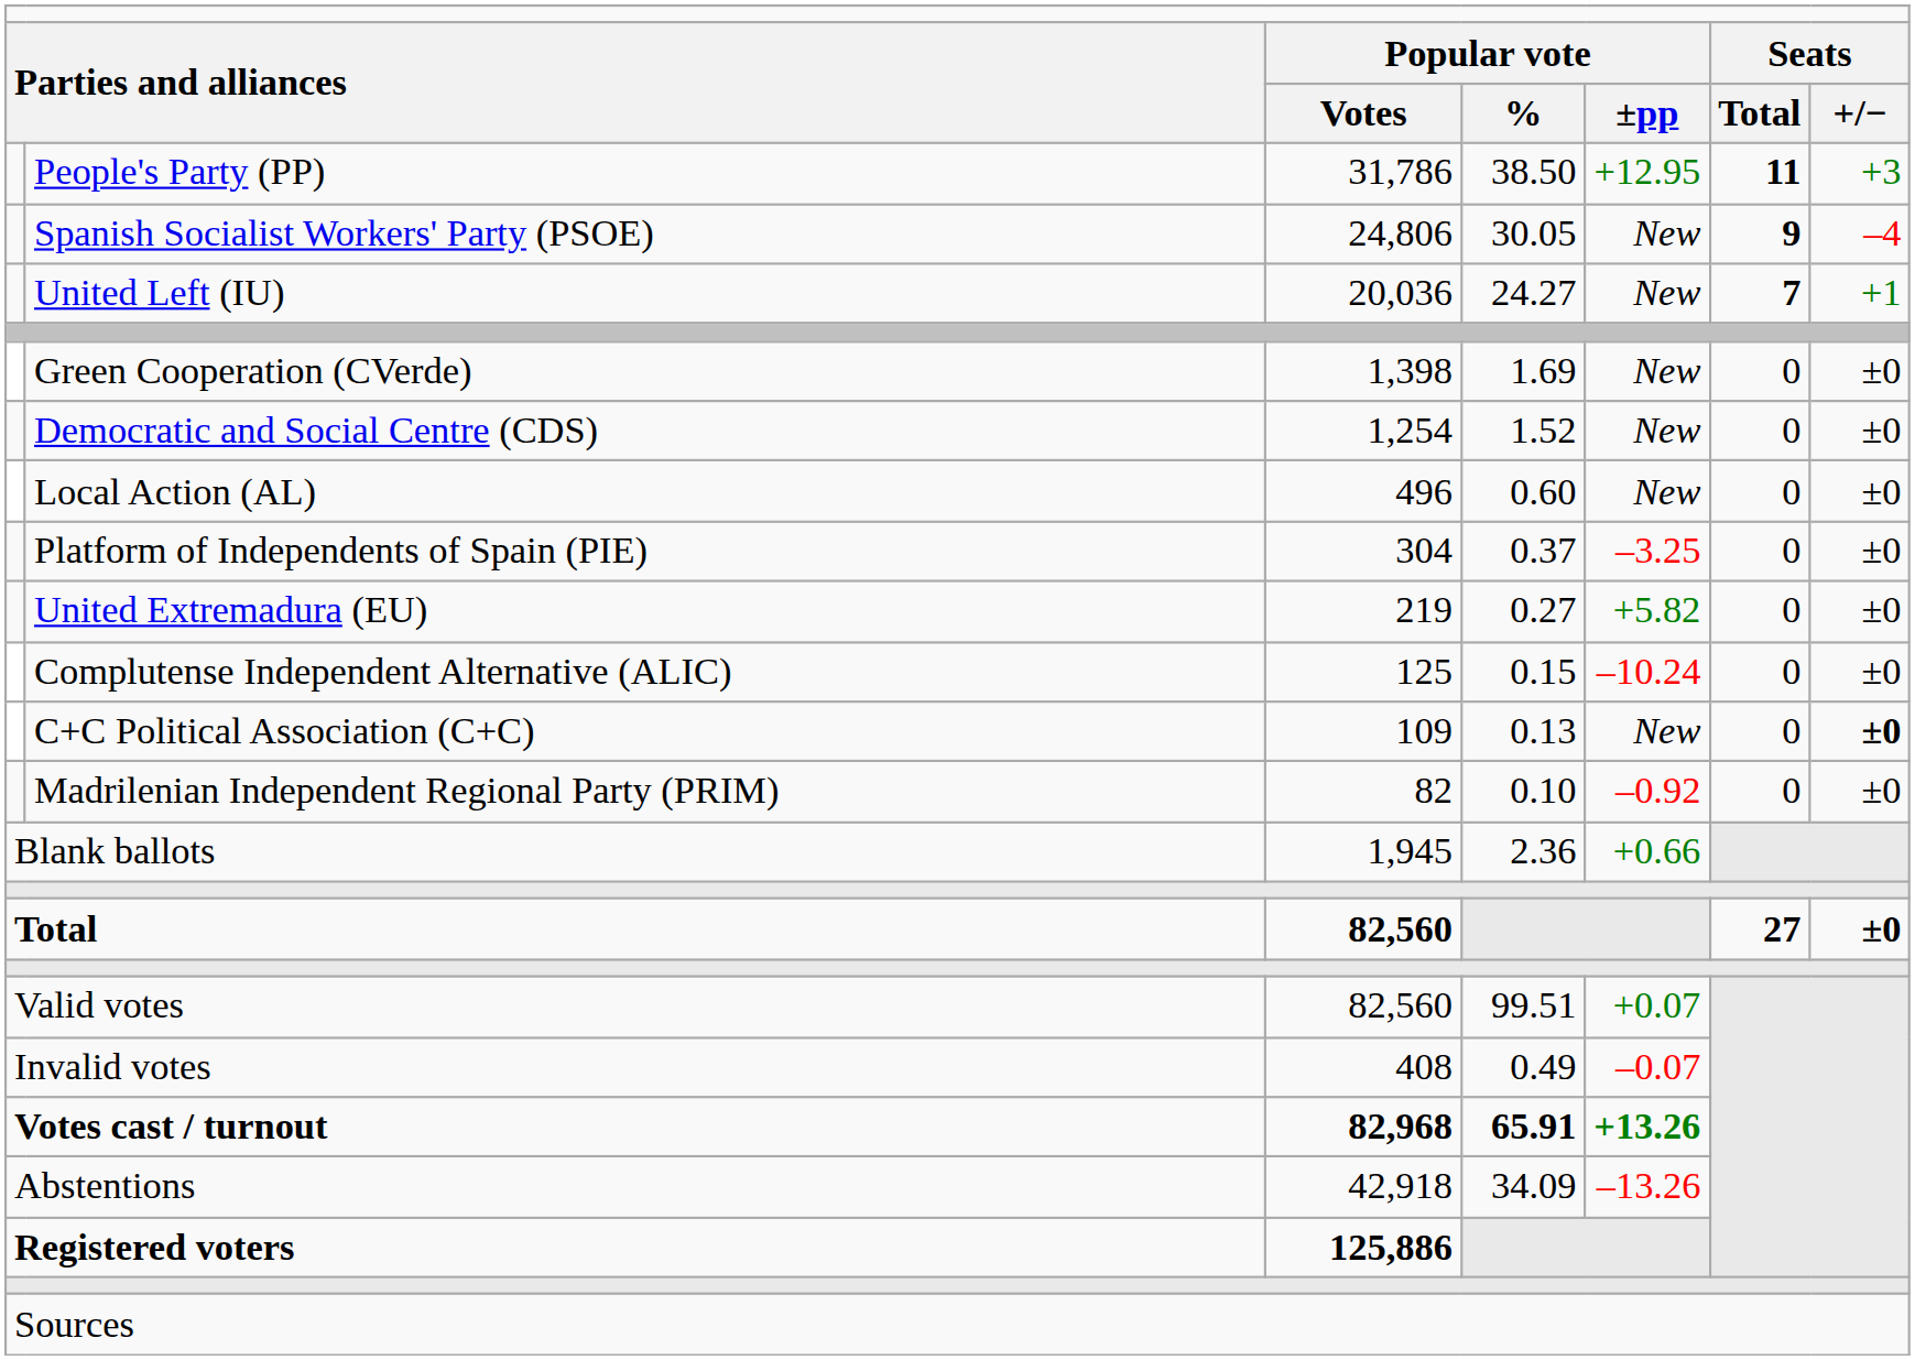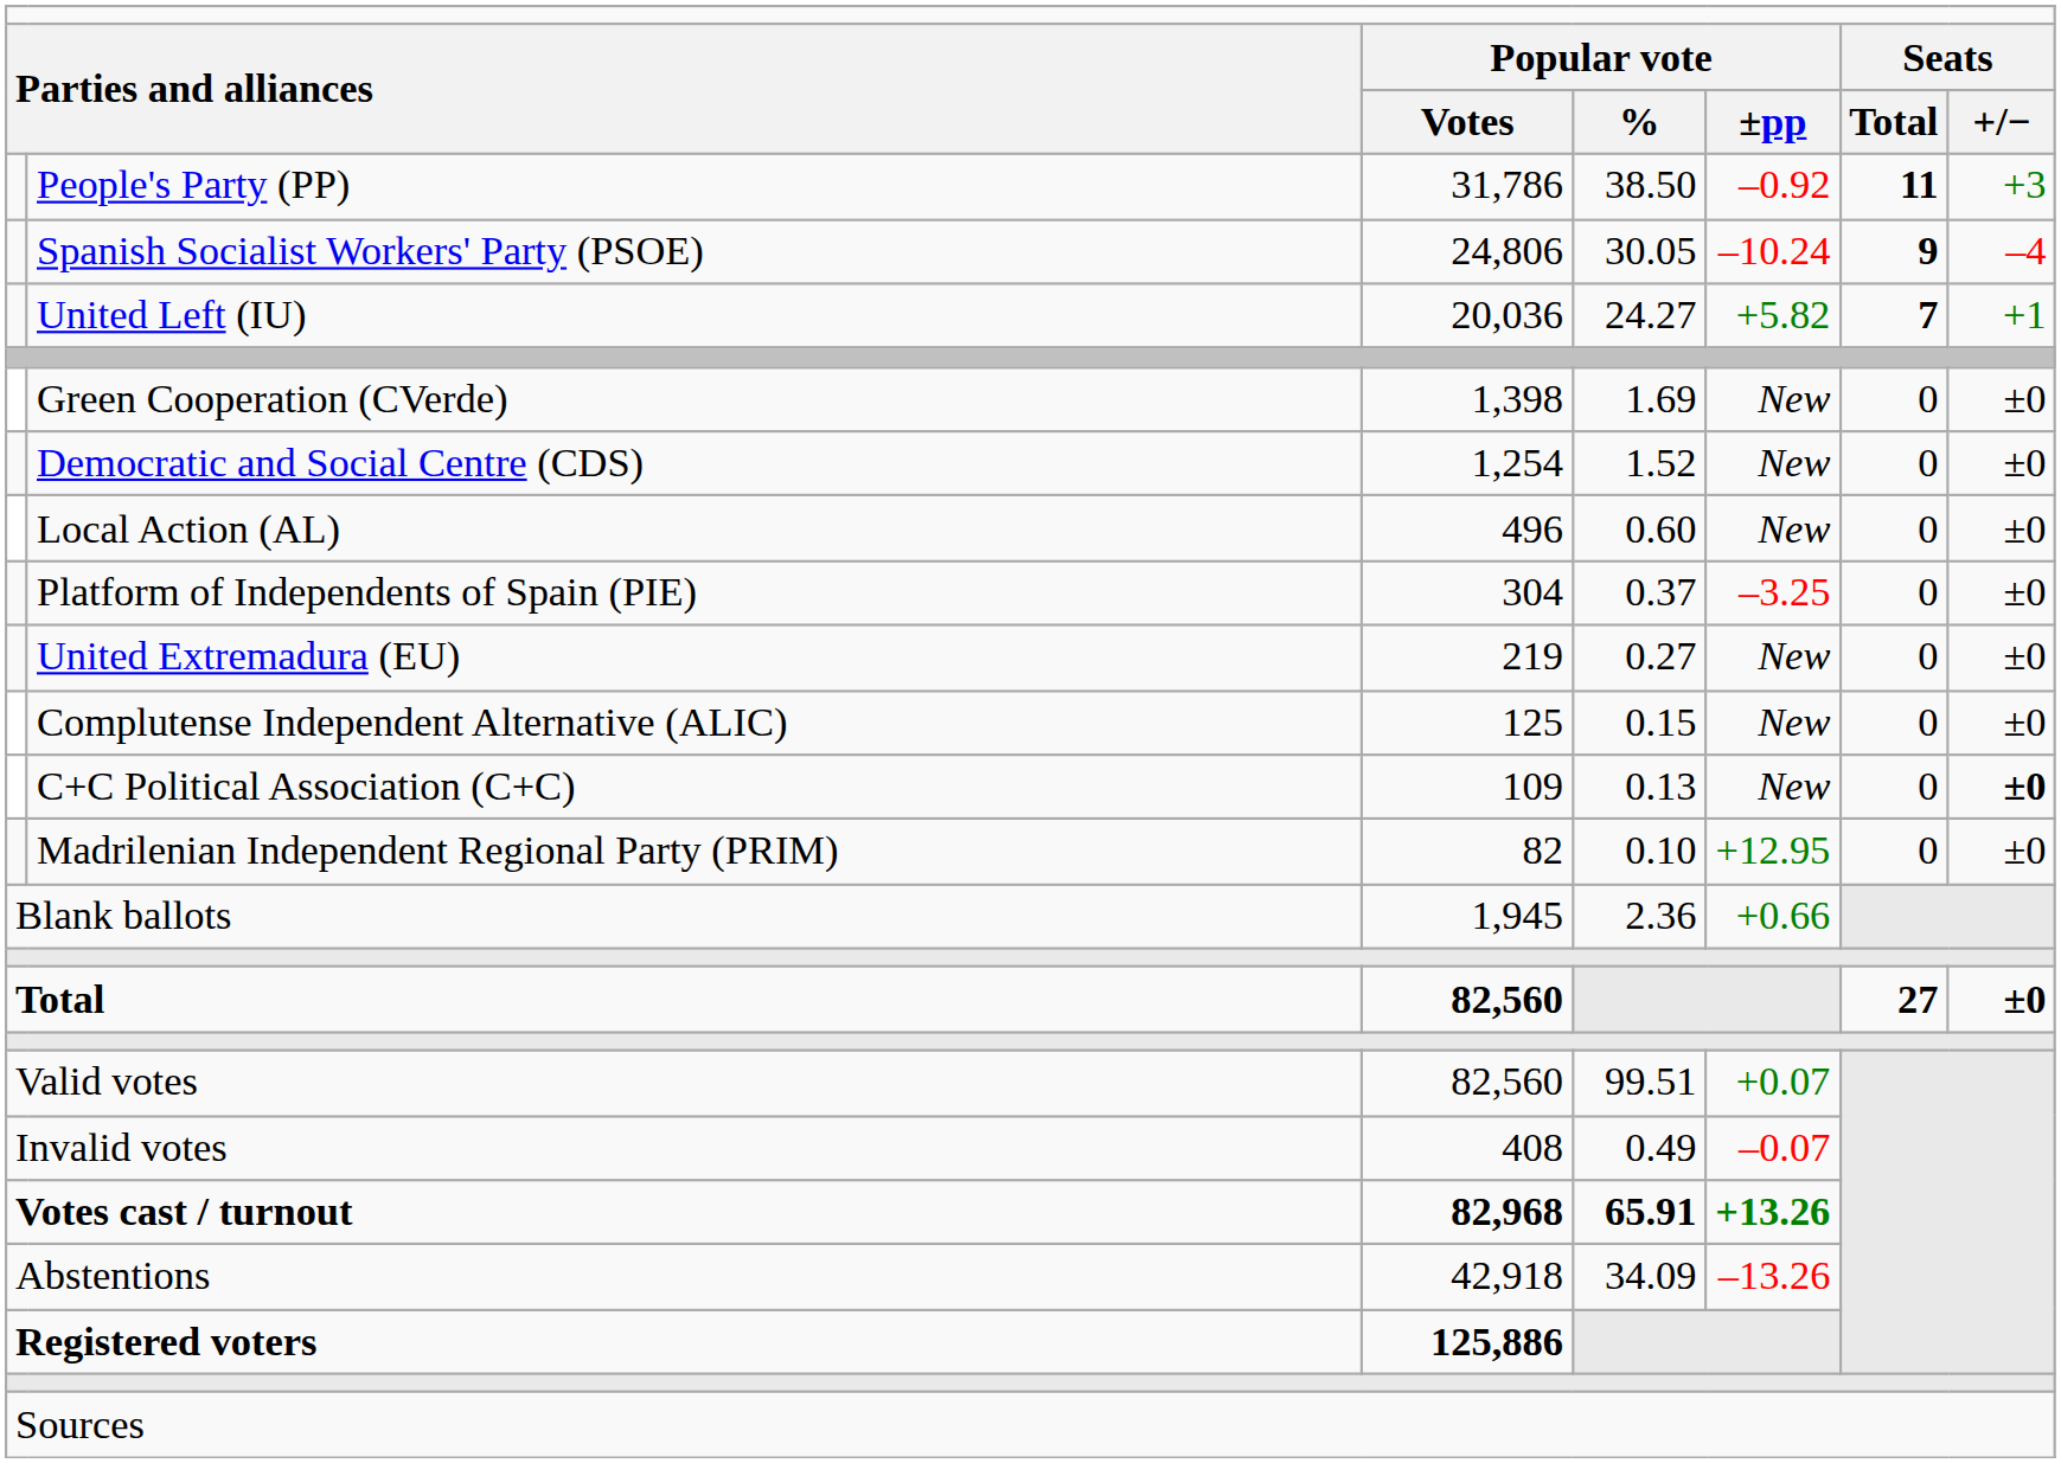 <table class="wikitable" style="text-align:right;">
 <tr>
 <td colspan="7"></td>
 </tr>
 <tr>
 <th style="text-align:left;" rowspan="2" colspan="2" width="525">Parties and alliances</th>
 <th colspan="3">Popular vote</th>
 <th colspan="2">Seats</th>
 </tr>
 <tr>
 <th width="75">Votes</th>
 <th width="45">%</th>
 <th width="45">±<a href='#'>pp</a></th>
 <th width="35">Total</th>
 <th width="35">+/−</th>
 </tr>
 <tr>
 <td width="1" style="color:inherit;background:"></td>
 <td align="left"><a href='#'>People's Party</a> (PP)</td>
 <td>31,786</td>
 <td>38.50</td>
-<td style="color:green;">+12.95</td>
+<td style="color:red;">–0.92</td>
 <td><strong>11</strong></td>
 <td style="color:green;">+3</td>
 </tr>
 <tr>
 <td style="color:inherit;background:"></td>
 <td align="left"><a href='#'>Spanish Socialist Workers' Party</a> (PSOE)</td>
 <td>24,806</td>
 <td>30.05</td>
-<td><em>New</em></td>
+<td style="color:red;">–10.24</td>
 <td><strong>9</strong></td>
 <td style="color:red;">–4</td>
 </tr>
 <tr>
 <td style="color:inherit;background:"></td>
 <td align="left"><a href='#'>United Left</a> (IU)</td>
 <td>20,036</td>
 <td>24.27</td>
-<td><em>New</em></td>
+<td style="color:green;">+5.82</td>
 <td><strong>7</strong></td>
 <td style="color:green;">+1</td>
 </tr>
 <tr>
 <td colspan="7" bgcolor="#C0C0C0"></td>
 </tr>
 <tr>
 <td bgcolor="white"></td>
 <td align="left">Green Cooperation (CVerde)</td>
 <td>1,398</td>
 <td>1.69</td>
 <td><em>New</em></td>
 <td>0</td>
 <td>±0</td>
 </tr>
 <tr>
 <td style="color:inherit;background:"></td>
 <td align="left"><a href='#'>Democratic and Social Centre</a> (CDS)</td>
 <td>1,254</td>
 <td>1.52</td>
 <td><em>New</em></td>
 <td>0</td>
 <td>±0</td>
 </tr>
 <tr>
 <td bgcolor="white"></td>
 <td align="left">Local Action (AL)</td>
 <td>496</td>
 <td>0.60</td>
 <td><em>New</em></td>
 <td>0</td>
 <td>±0</td>
 </tr>
 <tr>
 <td style="color:inherit;background:"></td>
 <td align="left">Platform of Independents of Spain (PIE)</td>
 <td>304</td>
 <td>0.37</td>
 <td style="color:red;">–3.25</td>
 <td>0</td>
 <td>±0</td>
 </tr>
 <tr>
 <td style="color:inherit;background:"></td>
 <td align="left"><a href='#'>United Extremadura</a> (EU)</td>
 <td>219</td>
 <td>0.27</td>
-<td style="color:green;">+5.82</td>
+<td><em>New</em></td>
 <td>0</td>
 <td>±0</td>
 </tr>
 <tr>
 <td bgcolor="white"></td>
 <td align="left">Complutense Independent Alternative (ALIC)</td>
 <td>125</td>
 <td>0.15</td>
-<td style="color:red;">–10.24</td>
+<td><em>New</em></td>
 <td>0</td>
 <td>±0</td>
 </tr>
 <tr>
 <td bgcolor="white"></td>
 <td align="left">C+C Political Association (C+C)</td>
 <td>109</td>
 <td>0.13</td>
 <td><em>New</em></td>
 <td>0</td>
 <td><strong>±0</strong></td>
 </tr>
 <tr>
 <td style="color:inherit;background:"></td>
 <td align="left">Madrilenian Independent Regional Party (PRIM)</td>
 <td>82</td>
 <td>0.10</td>
-<td style="color:red;">–0.92</td>
+<td style="color:green;">+12.95</td>
 <td>0</td>
 <td>±0</td>
 </tr>
 <tr>
 <td align="left" colspan="2">Blank ballots</td>
 <td>1,945</td>
 <td>2.36</td>
 <td style="color:green;">+0.66</td>
 <td bgcolor="#E9E9E9" colspan="2"></td>
 </tr>
 <tr>
 <td colspan="7" bgcolor="#E9E9E9"></td>
 </tr>
 <tr style="font-weight:bold;">
 <td align="left" colspan="2">Total</td>
 <td>82,560</td>
 <td bgcolor="#E9E9E9" colspan="2"></td>
 <td>27</td>
 <td>±0</td>
 </tr>
 <tr>
 <td colspan="7" bgcolor="#E9E9E9"></td>
 </tr>
 <tr>
 <td align="left" colspan="2">Valid votes</td>
 <td>82,560</td>
 <td>99.51</td>
 <td style="color:green;">+0.07</td>
 <td bgcolor="#E9E9E9" colspan="2" rowspan="5"></td>
 </tr>
 <tr>
 <td align="left" colspan="2">Invalid votes</td>
 <td>408</td>
 <td>0.49</td>
 <td style="color:red;">–0.07</td>
 </tr>
 <tr style="font-weight:bold;">
 <td align="left" colspan="2">Votes cast / turnout</td>
 <td>82,968</td>
 <td>65.91</td>
 <td style="color:green;">+13.26</td>
 </tr>
 <tr>
 <td align="left" colspan="2">Abstentions</td>
 <td>42,918</td>
 <td>34.09</td>
 <td style="color:red;">–13.26</td>
 </tr>
 <tr style="font-weight:bold;">
 <td align="left" colspan="2">Registered voters</td>
 <td>125,886</td>
 <td bgcolor="#E9E9E9" colspan="2"></td>
 </tr>
 <tr>
 <td colspan="7" bgcolor="#E9E9E9"></td>
 </tr>
 <tr>
 <td align="left" colspan="7">Sources</td>
 </tr>
 </table>
